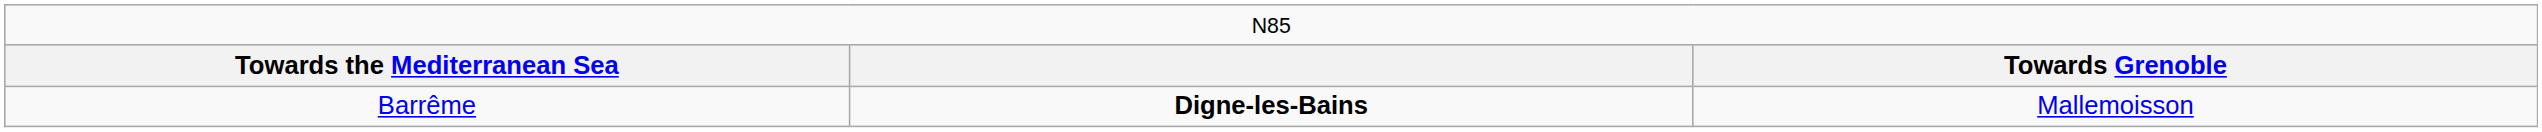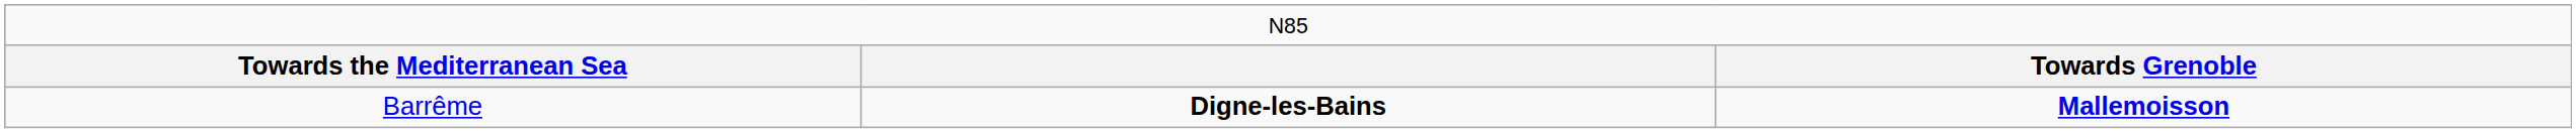 <table border="1" width=100% style="text-align: center;" class="wikitable">
 <tr>
 <td colspan="3" style="text-align: center;"><small>N85</small> </td>
 </tr>
 <tr>
 <th width=33%>Towards the <a href='#'>Mediterranean Sea</a></th>
 <th width=33%></th>
 <th width=33%>Towards <a href='#'>Grenoble</a></th>
 </tr>
 <tr>
 <td><a href='#'>Barrême</a></td>
 <td><strong>Digne-les-Bains</strong></td>
-<td><a href='#'>Mallemoisson</a></td>
+<td><strong><a href='#'>Mallemoisson</a></strong></td>
 </tr>
 </table>
